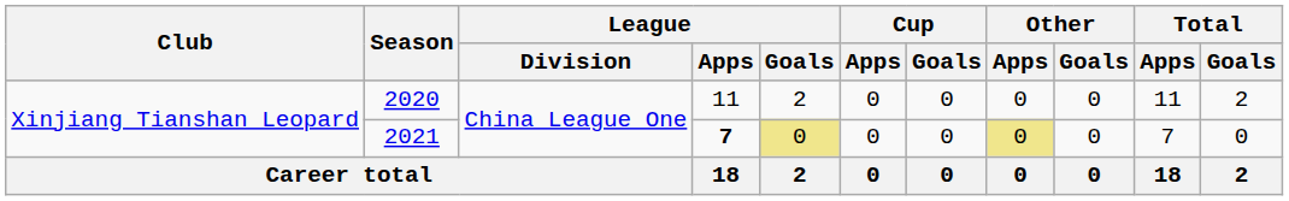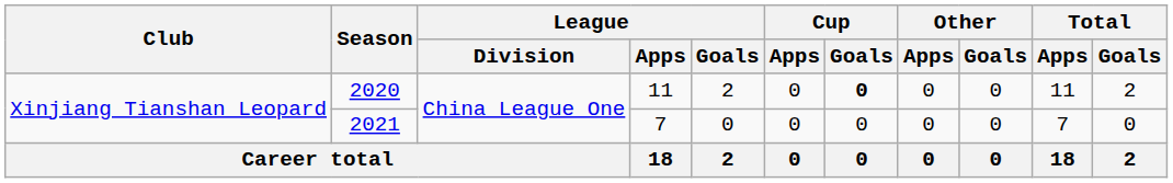 <table class="wikitable" style="text-align: center">
 <tr>
 <th rowspan="2">Club</th>
 <th rowspan="2">Season</th>
 <th colspan="3">League</th>
 <th colspan="2">Cup</th>
 <th colspan="2">Other</th>
 <th colspan="2">Total</th>
 </tr>
 <tr>
 <th>Division</th>
 <th>Apps</th>
 <th>Goals</th>
 <th>Apps</th>
 <th>Goals</th>
 <th>Apps</th>
 <th>Goals</th>
 <th>Apps</th>
 <th>Goals</th>
 </tr>
 <tr>
 <td rowspan="2"><a href='#'>Xinjiang Tianshan Leopard</a></td>
 <td><a href='#'>2020</a></td>
 <td rowspan="2"><a href='#'>China League One</a></td>
 <td>11</td>
 <td>2</td>
 <td>0</td>
-<td>0</td>
+<td><strong>0</strong></td>
 <td>0</td>
 <td>0</td>
 <td>11</td>
 <td>2</td>
 </tr>
 <tr>
 <td><a href='#'>2021</a></td>
-<td><strong>7</strong></td>
-<td style="background: khaki;">0</td>
+<td>7</td>
 <td>0</td>
 <td>0</td>
-<td style="background: khaki;">0</td>
+<td>0</td>
+<td>0</td>
 <td>0</td>
 <td>7</td>
 <td>0</td>
 </tr>
 <tr>
 <th colspan=3>Career total</th>
 <th>18</th>
 <th>2</th>
 <th>0</th>
 <th>0</th>
 <th>0</th>
 <th>0</th>
 <th>18</th>
 <th>2</th>
 </tr>
 </table>
